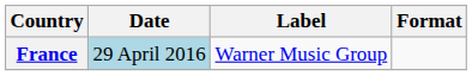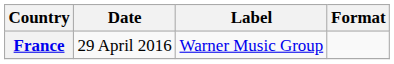 <table class="wikitable sortable plainrowheaders" style="text-align:center;">
 <tr>
 <th>Country</th>
 <th>Date</th>
 <th>Label</th>
 <th>Format</th>
 </tr>
 <tr>
 <th scope="row"><a href='#'>France</a></th>
-<td style="background: lightblue;">29 April 2016</td>
+<td>29 April 2016</td>
 <td><a href='#'>Warner Music Group</a></td>
 <td></td>
 </tr>
 <tr>
 </tr>
 </table>
